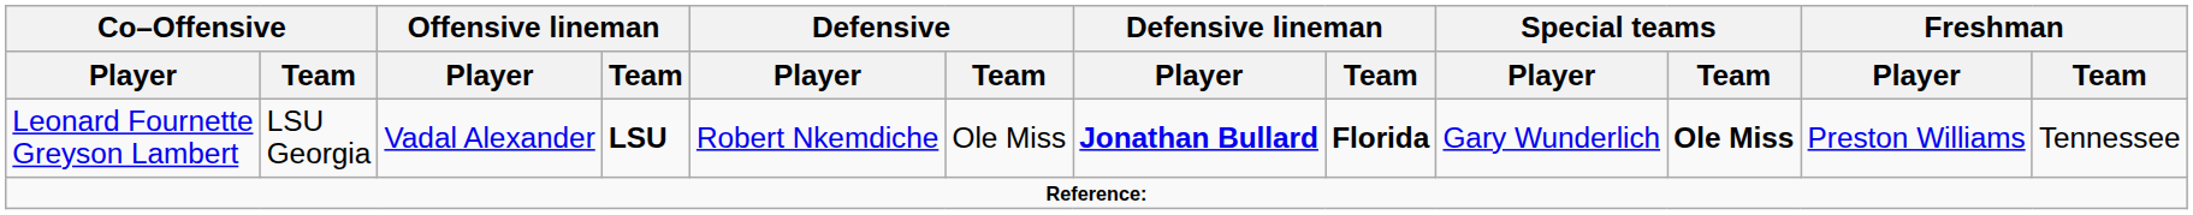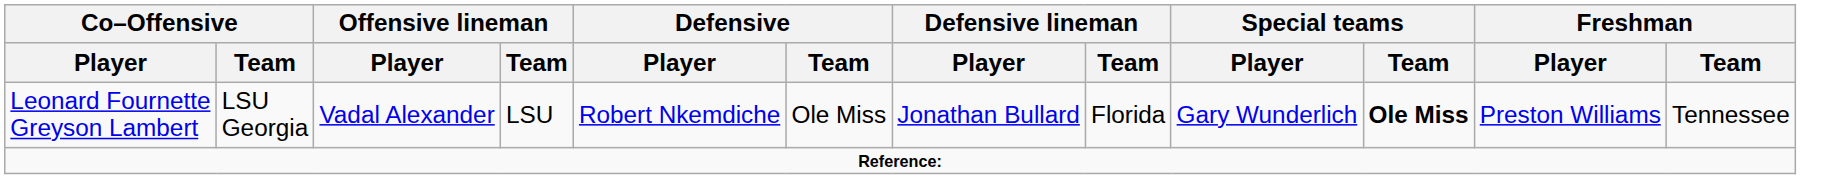 <table class="wikitable">
 <tr>
 <th colspan="2">Co–Offensive</th>
 <th colspan="2">Offensive lineman</th>
 <th colspan="2">Defensive</th>
 <th colspan="2">Defensive lineman</th>
 <th colspan="2">Special teams</th>
 <th colspan="2">Freshman</th>
 </tr>
 <tr>
 <th>Player</th>
 <th>Team</th>
 <th>Player</th>
 <th>Team</th>
 <th>Player</th>
 <th>Team</th>
 <th>Player</th>
 <th>Team</th>
 <th>Player</th>
 <th>Team</th>
 <th>Player</th>
 <th>Team</th>
 </tr>
 <tr>
 <td><a href='#'>Leonard Fournette</a> <br> <a href='#'>Greyson Lambert</a></td>
 <td>LSU <br> Georgia</td>
 <td><a href='#'>Vadal Alexander</a></td>
-<td><strong>LSU</strong></td>
+<td>LSU</td>
 <td><a href='#'>Robert Nkemdiche</a></td>
 <td>Ole Miss</td>
-<td><strong><a href='#'>Jonathan Bullard</a></strong></td>
-<td><strong>Florida</strong></td>
+<td><a href='#'>Jonathan Bullard</a></td>
+<td>Florida</td>
 <td><a href='#'>Gary Wunderlich</a></td>
 <td><strong>Ole Miss</strong></td>
 <td><a href='#'>Preston Williams</a></td>
 <td>Tennessee</td>
 </tr>
 <tr>
 <td colspan="12"  style="font-size:8pt; text-align:center;"><strong>Reference:</strong></td>
 </tr>
 </table>
